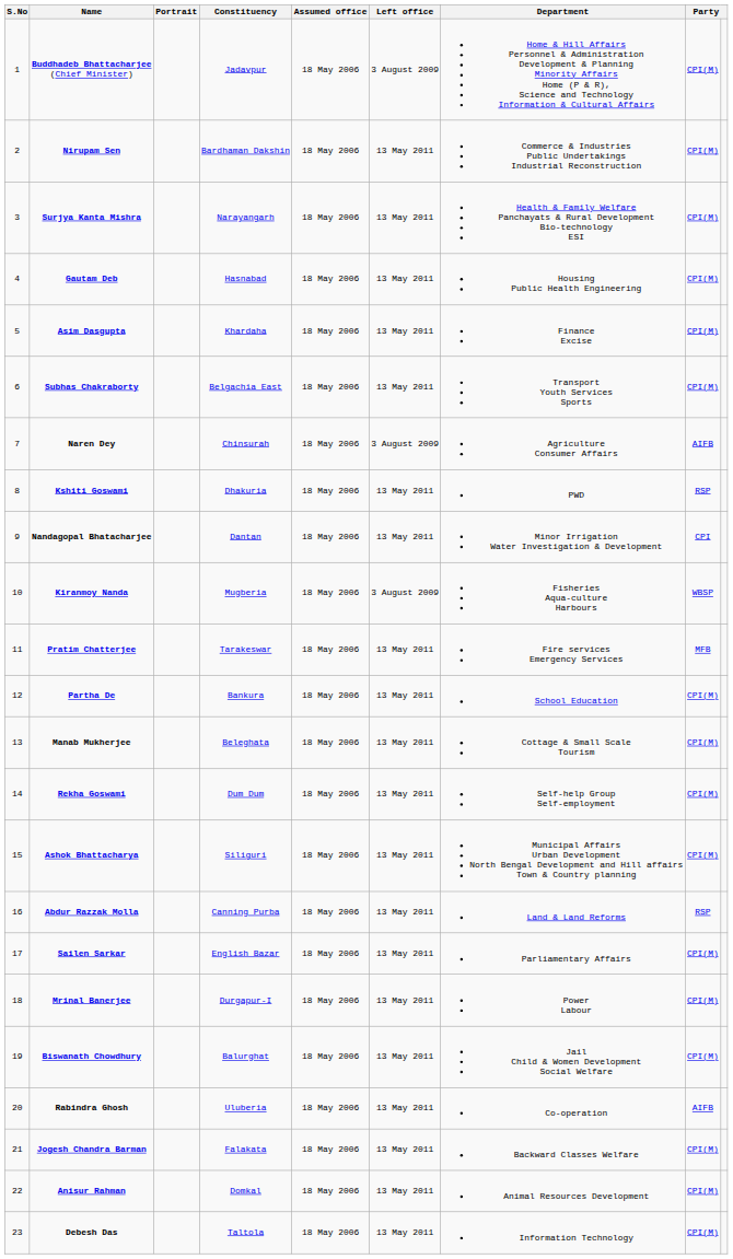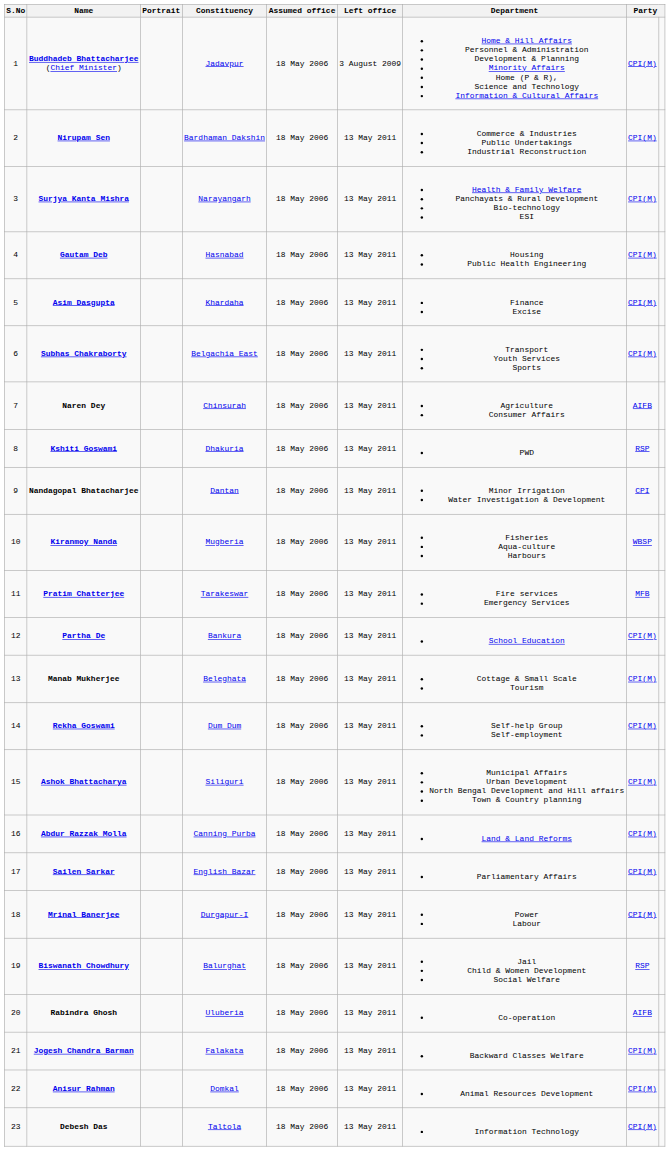 <table class="wikitable sortable" style="text-align:center;">
 <tr>
 <th>S.No</th>
 <th>Name</th>
 <th>Portrait</th>
 <th>Constituency</th>
 <th>Assumed office</th>
 <th>Left office</th>
 <th>Department</th>
 <th colspan="2" scope="col">Party</th>
 </tr>
 <tr>
 <td>1</td>
 <td><strong><a href='#'>Buddhadeb Bhattacharjee</a></strong><br> (<a href='#'>Chief Minister</a>)</td>
 <td></td>
 <td><a href='#'>Jadavpur</a></td>
 <td>18 May 2006</td>
 <td>3 August 2009</td>
 <td><br><ul><li><a href='#'>Home & Hill Affairs</a></li><li>Personnel & Administration</li><li>Development & Planning</li><li><a href='#'>Minority Affairs</a></li><li>Home (P & R),</li><li>Science and Technology</li><li><a href='#'>Information & Cultural Affairs</a></li></ul></td>
 <td><a href='#'>CPI(M)</a></td>
 <td width="4px" style="background-color: "></td>
 </tr>
 <tr>
 <td>2</td>
 <td><strong><a href='#'>Nirupam Sen</a></strong></td>
 <td></td>
 <td><a href='#'>Bardhaman Dakshin</a></td>
 <td>18 May  2006</td>
 <td>13 May 2011</td>
 <td><br><ul><li>Commerce & Industries</li><li>Public Undertakings</li><li>Industrial Reconstruction</li></ul></td>
 <td><a href='#'>CPI(M)</a></td>
 <td width="4px" style="background-color: "></td>
 </tr>
 <tr>
 <td>3</td>
 <td><strong><a href='#'>Surjya Kanta Mishra</a></strong></td>
 <td></td>
 <td><a href='#'>Narayangarh</a></td>
 <td>18 May  2006</td>
 <td>13 May 2011</td>
 <td><br><ul><li><a href='#'>Health & Family Welfare</a></li><li>Panchayats & Rural Development</li><li>Bio-technology</li><li>ESI</li></ul></td>
 <td><a href='#'>CPI(M)</a></td>
 <td width="4px" style="background-color: "></td>
 </tr>
 <tr>
 <td>4</td>
 <td><strong><a href='#'>Gautam Deb</a></strong></td>
 <td></td>
 <td><a href='#'>Hasnabad</a></td>
 <td>18 May  2006</td>
 <td>13 May 2011</td>
 <td><br><ul><li>Housing</li><li>Public Health Engineering</li></ul></td>
 <td><a href='#'>CPI(M)</a></td>
 <td width="4px" style="background-color: "></td>
 </tr>
 <tr>
 <td>5</td>
 <td><strong><a href='#'>Asim Dasgupta</a></strong></td>
 <td></td>
 <td><a href='#'>Khardaha</a></td>
 <td>18 May  2006</td>
 <td>13 May 2011</td>
 <td><br><ul><li>Finance</li><li>Excise</li></ul></td>
 <td><a href='#'>CPI(M)</a></td>
 <td width="4px" style="background-color: "></td>
 </tr>
 <tr>
 <td>6</td>
 <td><strong><a href='#'>Subhas Chakraborty</a></strong></td>
 <td></td>
 <td><a href='#'>Belgachia East</a></td>
 <td>18 May  2006</td>
 <td>13 May 2011</td>
 <td><br><ul><li>Transport</li><li>Youth Services</li><li>Sports</li></ul></td>
 <td><a href='#'>CPI(M)</a></td>
 <td width="4px" style="background-color: "></td>
 </tr>
 <tr>
 <td>7</td>
 <td><strong>Naren Dey</strong></td>
 <td></td>
 <td><a href='#'>Chinsurah</a></td>
 <td>18 May  2006</td>
-<td>3 August 2009</td>
+<td>13 May 2011</td>
 <td><br><ul><li>Agriculture</li><li>Consumer Affairs</li></ul></td>
 <td><a href='#'>AIFB</a></td>
 <td width="4px" style="background-color: "></td>
 </tr>
 <tr>
 <td>8</td>
 <td><strong><a href='#'>Kshiti Goswami</a></strong></td>
 <td></td>
 <td><a href='#'>Dhakuria</a></td>
 <td>18 May  2006</td>
 <td>13 May 2011</td>
 <td><br><ul><li>PWD</li></ul></td>
 <td><a href='#'>RSP</a></td>
 <td width="4px" style="background-color: "></td>
 </tr>
 <tr>
 <td>9</td>
 <td><strong>Nandagopal Bhatacharjee</strong></td>
 <td></td>
 <td><a href='#'>Dantan</a></td>
 <td>18 May  2006</td>
 <td>13 May 2011</td>
 <td><br><ul><li>Minor Irrigation</li><li>Water Investigation & Development</li></ul></td>
 <td><a href='#'>CPI</a></td>
 <td width="4px" style="background-color: "></td>
 </tr>
 <tr>
 <td>10</td>
 <td><strong><a href='#'>Kiranmoy Nanda</a></strong></td>
 <td></td>
 <td><a href='#'>Mugberia</a></td>
 <td>18 May  2006</td>
-<td>3 August 2009</td>
+<td>13 May 2011</td>
 <td><br><ul><li>Fisheries</li><li>Aqua-culture</li><li>Harbours</li></ul></td>
 <td><a href='#'>WBSP</a></td>
 <td width="4px" style="background-color: "></td>
 </tr>
 <tr>
 <td>11</td>
 <td><strong><a href='#'>Pratim Chatterjee</a></strong></td>
 <td></td>
 <td><a href='#'>Tarakeswar</a></td>
 <td>18 May  2006</td>
 <td>13 May 2011</td>
 <td><br><ul><li>Fire services</li><li>Emergency Services</li></ul></td>
 <td><a href='#'>MFB</a></td>
 <td width="4px" style="background-color: "></td>
 </tr>
 <tr>
 <td>12</td>
 <td><strong><a href='#'>Partha De</a></strong></td>
 <td></td>
 <td><a href='#'>Bankura</a></td>
 <td>18 May  2006</td>
 <td>13 May 2011</td>
 <td><br><ul><li><a href='#'>School Education</a></li></ul></td>
 <td><a href='#'>CPI(M)</a></td>
 <td width="4px" style="background-color: "></td>
 </tr>
 <tr>
 <td>13</td>
 <td><strong>Manab Mukherjee</strong></td>
 <td></td>
 <td><a href='#'>Beleghata</a></td>
 <td>18 May  2006</td>
 <td>13 May 2011</td>
 <td><br><ul><li>Cottage & Small Scale</li><li>Tourism</li></ul></td>
 <td><a href='#'>CPI(M)</a></td>
 <td width="4px" style="background-color: "></td>
 </tr>
 <tr>
 <td>14</td>
 <td><strong><a href='#'>Rekha Goswami</a></strong></td>
 <td></td>
 <td><a href='#'>Dum Dum</a></td>
 <td>18 May  2006</td>
 <td>13 May 2011</td>
 <td><br><ul><li>Self-help Group</li><li>Self-employment</li></ul></td>
 <td><a href='#'>CPI(M)</a></td>
 <td width="4px" style="background-color: "></td>
 </tr>
 <tr>
 <td>15</td>
 <td><strong><a href='#'>Ashok Bhattacharya</a> </strong></td>
 <td></td>
 <td><a href='#'>Siliguri</a></td>
 <td>18 May  2006</td>
 <td>13 May 2011</td>
 <td><br><ul><li>Municipal Affairs</li><li>Urban Development</li><li>North Bengal Development and Hill affairs</li><li>Town & Country planning</li></ul></td>
 <td><a href='#'>CPI(M)</a></td>
 <td width="4px" style="background-color: "></td>
 </tr>
 <tr>
 <td>16</td>
 <td><strong><a href='#'>Abdur Razzak Molla</a> </strong></td>
 <td></td>
 <td><a href='#'>Canning Purba</a></td>
 <td>18 May  2006</td>
 <td>13 May 2011</td>
 <td><br><ul><li><a href='#'>Land & Land Reforms</a></li></ul></td>
-<td><a href='#'>RSP</a></td>
+<td><a href='#'>CPI(M)</a></td>
 <td width="4px" style="background-color: "></td>
 </tr>
 <tr>
 <td>17</td>
 <td><strong><a href='#'>Sailen Sarkar</a> </strong></td>
 <td></td>
 <td><a href='#'>English Bazar</a></td>
 <td>18 May  2006</td>
 <td>13 May 2011</td>
 <td><br><ul><li>Parliamentary Affairs</li></ul></td>
 <td><a href='#'>CPI(M)</a></td>
 <td width="4px" style="background-color: "></td>
 </tr>
 <tr>
 <td>18</td>
 <td><strong><a href='#'>Mrinal Banerjee</a> </strong></td>
 <td></td>
 <td><a href='#'>Durgapur-I</a></td>
 <td>18 May  2006</td>
 <td>13 May 2011</td>
 <td><br><ul><li>Power</li><li>Labour</li></ul></td>
 <td><a href='#'>CPI(M)</a></td>
 <td width="4px" style="background-color: "></td>
 </tr>
 <tr>
 <td>19</td>
 <td><strong><a href='#'>Biswanath Chowdhury</a> </strong></td>
 <td></td>
 <td><a href='#'>Balurghat</a></td>
 <td>18 May  2006</td>
 <td>13 May 2011</td>
 <td><br><ul><li>Jail</li><li>Child & Women Development</li><li>Social Welfare</li></ul></td>
-<td><a href='#'>CPI(M)</a></td>
+<td><a href='#'>RSP</a></td>
 <td width="4px" style="background-color: "></td>
 </tr>
 <tr>
 <td>20</td>
 <td><strong>Rabindra Ghosh</strong></td>
 <td></td>
 <td><a href='#'>Uluberia</a></td>
 <td>18 May  2006</td>
 <td>13 May 2011</td>
 <td><br><ul><li>Co-operation</li></ul></td>
 <td><a href='#'>AIFB</a></td>
 <td width="4px" style="background-color: "></td>
 </tr>
 <tr>
 <td>21</td>
 <td><strong><a href='#'>Jogesh Chandra Barman</a> </strong></td>
 <td></td>
 <td><a href='#'>Falakata</a></td>
 <td>18 May  2006</td>
 <td>13 May 2011</td>
 <td><br><ul><li>Backward Classes Welfare</li></ul></td>
 <td><a href='#'>CPI(M)</a></td>
 <td width="4px" style="background-color: "></td>
 </tr>
 <tr>
 <td>22</td>
 <td><strong><a href='#'>Anisur Rahman</a> </strong></td>
 <td></td>
 <td><a href='#'>Domkal</a></td>
 <td>18 May  2006</td>
 <td>13 May 2011</td>
 <td><br><ul><li>Animal Resources Development</li></ul></td>
 <td><a href='#'>CPI(M)</a></td>
 <td width="4px" style="background-color: "></td>
 </tr>
 <tr>
 <td>23</td>
 <td><strong>Debesh Das</strong></td>
 <td></td>
 <td><a href='#'>Taltola</a></td>
 <td>18 May  2006</td>
 <td>13 May 2011</td>
 <td><br><ul><li>Information Technology</li></ul></td>
 <td><a href='#'>CPI(M)</a></td>
 <td width="4px" style="background-color: "></td>
 </tr>
 </table>
